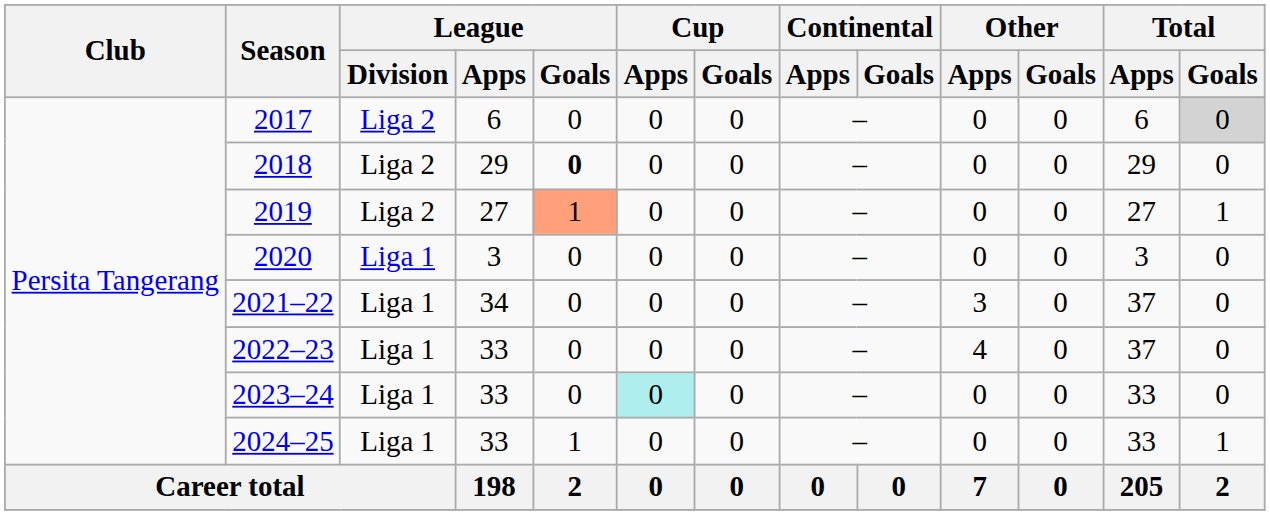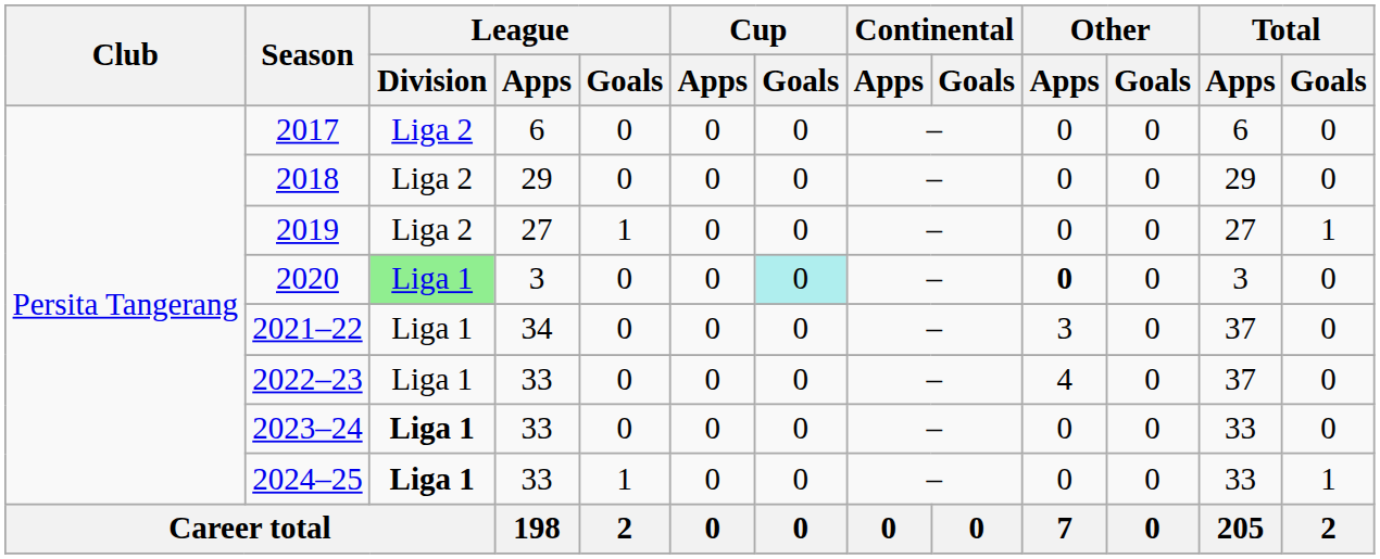 <table class="wikitable" style="text-align:center">
 <tr>
 <th rowspan="2">Club</th>
 <th rowspan="2">Season</th>
 <th colspan="3">League</th>
 <th colspan="2">Cup</th>
 <th colspan="2">Continental</th>
 <th colspan="2">Other</th>
 <th colspan="2">Total</th>
 </tr>
 <tr>
 <th>Division</th>
 <th>Apps</th>
 <th>Goals</th>
 <th>Apps</th>
 <th>Goals</th>
 <th>Apps</th>
 <th>Goals</th>
 <th>Apps</th>
 <th>Goals</th>
 <th>Apps</th>
 <th>Goals</th>
 </tr>
 <tr>
 <td rowspan="8" valign="center"><a href='#'>Persita Tangerang</a></td>
 <td><a href='#'>2017</a></td>
 <td rowspan="1" valign="center"><a href='#'>Liga 2</a></td>
 <td>6</td>
 <td>0</td>
 <td>0</td>
 <td>0</td>
 <td colspan="2">–</td>
 <td>0</td>
 <td>0</td>
 <td>6</td>
-<td style="background: lightgrey;">0</td>
+<td>0</td>
 </tr>
 <tr>
 <td><a href='#'>2018</a></td>
 <td rowspan="1">Liga 2</td>
 <td>29</td>
-<td><strong>0</strong></td>
+<td>0</td>
 <td>0</td>
 <td>0</td>
 <td colspan="2">–</td>
 <td>0</td>
 <td>0</td>
 <td>29</td>
 <td>0</td>
 </tr>
 <tr>
 <td><a href='#'>2019</a></td>
 <td rowspan="1">Liga 2</td>
 <td>27</td>
-<td style="background: lightsalmon;">1</td>
+<td>1</td>
 <td>0</td>
 <td>0</td>
 <td colspan="2">–</td>
 <td>0</td>
 <td>0</td>
 <td>27</td>
 <td>1</td>
 </tr>
 <tr>
 <td><a href='#'>2020</a></td>
-<td rowspan="1" valign="center"><a href='#'>Liga 1</a></td>
+<td rowspan="1" valign="center" style="background: lightgreen;"><a href='#'>Liga 1</a></td>
 <td>3</td>
 <td>0</td>
 <td>0</td>
-<td>0</td>
+<td style="background: paleturquoise;">0</td>
 <td colspan="2">–</td>
-<td>0</td>
+<td><strong>0</strong></td>
 <td>0</td>
 <td>3</td>
 <td>0</td>
 </tr>
 <tr>
 <td><a href='#'>2021–22</a></td>
 <td rowspan="1">Liga 1</td>
 <td>34</td>
 <td>0</td>
 <td>0</td>
 <td>0</td>
 <td colspan="2">–</td>
 <td>3</td>
 <td>0</td>
 <td>37</td>
 <td>0</td>
 </tr>
 <tr>
 <td><a href='#'>2022–23</a></td>
 <td>Liga 1</td>
 <td>33</td>
 <td>0</td>
 <td>0</td>
 <td>0</td>
 <td colspan="2">–</td>
 <td>4</td>
 <td>0</td>
 <td>37</td>
 <td>0</td>
 </tr>
 <tr>
 <td><a href='#'>2023–24</a></td>
-<td>Liga 1</td>
+<td><strong>Liga 1</strong></td>
 <td>33</td>
 <td>0</td>
-<td style="background: paleturquoise;">0</td>
+<td>0</td>
 <td>0</td>
 <td colspan="2">–</td>
 <td>0</td>
 <td>0</td>
 <td>33</td>
 <td>0</td>
 </tr>
 <tr>
 <td><a href='#'>2024–25</a></td>
-<td>Liga 1</td>
+<td><strong>Liga 1</strong></td>
 <td>33</td>
 <td>1</td>
 <td>0</td>
 <td>0</td>
 <td colspan="2">–</td>
 <td>0</td>
 <td>0</td>
 <td>33</td>
 <td>1</td>
 </tr>
 <tr>
 <th colspan="3">Career total</th>
 <th>198</th>
 <th>2</th>
 <th>0</th>
 <th>0</th>
 <th>0</th>
 <th>0</th>
 <th>7</th>
 <th>0</th>
 <th>205</th>
 <th>2</th>
 </tr>
 </table>
